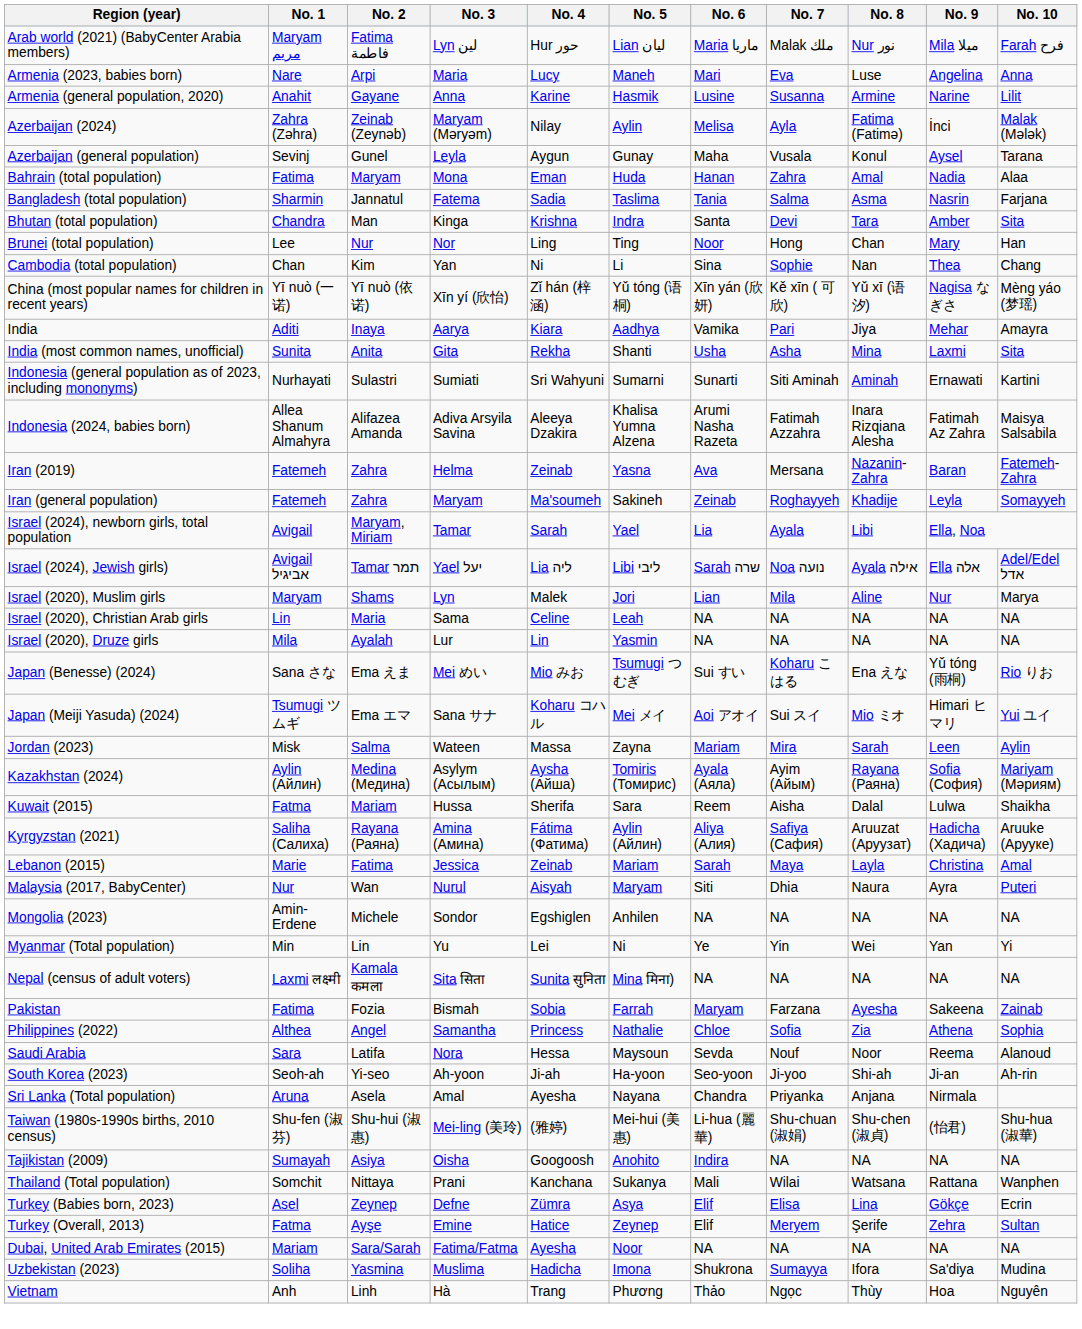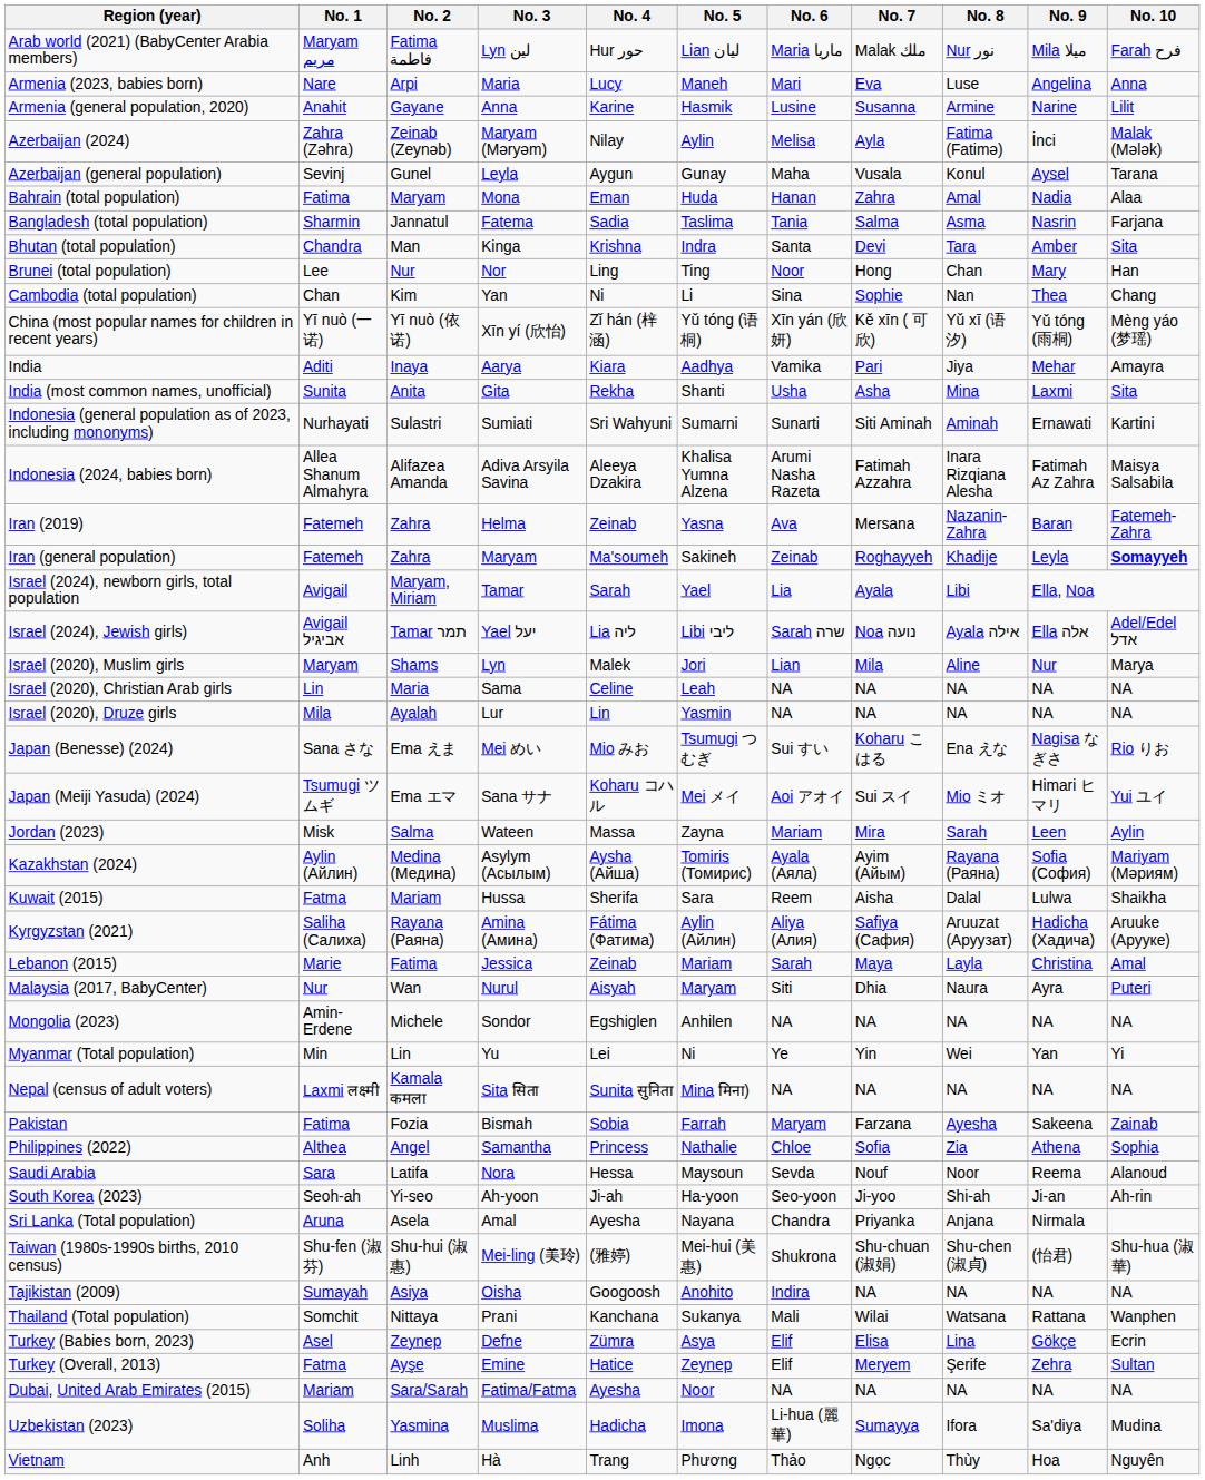 <table class="wikitable">
 <tr style="background:#a0d0ff;">
 <th width=300>Region (year)</th>
 <th>No. 1</th>
 <th>No. 2</th>
 <th>No. 3</th>
 <th>No. 4</th>
 <th>No. 5</th>
 <th>No. 6</th>
 <th>No. 7</th>
 <th>No. 8</th>
 <th>No. 9</th>
 <th>No. 10</th>
 </tr>
 <tr>
 <td><a href='#'>Arab world</a> (2021) (BabyCenter Arabia members)</td>
 <td><a href='#'>Maryam مريم</a></td>
 <td><a href='#'>Fatima</a> فاطمة</td>
 <td><a href='#'>Lyn</a> لين</td>
 <td>Hur حور</td>
 <td><a href='#'>Lian</a> ليان</td>
 <td><a href='#'>Maria</a> ماريا</td>
 <td>Malak ملك</td>
 <td><a href='#'>Nur</a> نور</td>
 <td><a href='#'>Mila</a> ميلا</td>
 <td><a href='#'>Farah</a> فرح</td>
 </tr>
 <tr>
 <td><a href='#'>Armenia</a> (2023, babies born)</td>
 <td><a href='#'>Nare</a></td>
 <td><a href='#'>Arpi</a></td>
 <td><a href='#'>Maria</a></td>
 <td><a href='#'>Lucy</a></td>
 <td><a href='#'>Maneh</a></td>
 <td><a href='#'>Mari</a></td>
 <td><a href='#'>Eva</a></td>
 <td>Luse</td>
 <td><a href='#'>Angelina</a></td>
 <td><a href='#'>Anna</a></td>
 </tr>
 <tr>
 <td><a href='#'>Armenia</a>  (general population, 2020)</td>
 <td><a href='#'>Anahit</a></td>
 <td><a href='#'>Gayane</a></td>
 <td><a href='#'>Anna</a></td>
 <td><a href='#'>Karine</a></td>
 <td><a href='#'>Hasmik</a></td>
 <td><a href='#'>Lusine</a></td>
 <td><a href='#'>Susanna</a></td>
 <td><a href='#'>Armine</a></td>
 <td><a href='#'>Narine</a></td>
 <td><a href='#'>Lilit</a></td>
 </tr>
 <tr>
 <td><a href='#'>Azerbaijan</a>  (2024)</td>
 <td><a href='#'>Zahra</a> (Zəhra)</td>
 <td><a href='#'>Zeinab</a> (Zeynəb)</td>
 <td><a href='#'>Maryam</a> (Məryəm)</td>
 <td>Nilay</td>
 <td><a href='#'>Aylin</a></td>
 <td><a href='#'>Melisa</a></td>
 <td><a href='#'>Ayla</a></td>
 <td><a href='#'>Fatima</a> (Fatimə)</td>
 <td>İnci</td>
 <td><a href='#'>Malak</a> (Mələk)</td>
 </tr>
 <tr>
 <td><a href='#'>Azerbaijan</a>  (general population)</td>
 <td>Sevinj</td>
 <td>Gunel</td>
 <td><a href='#'>Leyla</a></td>
 <td>Aygun</td>
 <td>Gunay</td>
 <td>Maha</td>
 <td>Vusala</td>
 <td>Konul</td>
 <td><a href='#'>Aysel</a></td>
 <td>Tarana</td>
 </tr>
 <tr>
 <td><a href='#'>Bahrain</a> (total population)</td>
 <td><a href='#'>Fatima</a></td>
 <td><a href='#'>Maryam</a></td>
 <td><a href='#'>Mona</a></td>
 <td><a href='#'>Eman</a></td>
 <td><a href='#'>Huda</a></td>
 <td><a href='#'>Hanan</a></td>
 <td><a href='#'>Zahra</a></td>
 <td><a href='#'>Amal</a></td>
 <td><a href='#'>Nadia</a></td>
 <td>Alaa</td>
 </tr>
 <tr>
 <td><a href='#'>Bangladesh</a> (total population)</td>
 <td><a href='#'>Sharmin</a></td>
 <td>Jannatul</td>
 <td><a href='#'>Fatema</a></td>
 <td><a href='#'>Sadia</a></td>
 <td><a href='#'>Taslima</a></td>
 <td><a href='#'>Tania</a></td>
 <td><a href='#'>Salma</a></td>
 <td><a href='#'>Asma</a></td>
 <td><a href='#'>Nasrin</a></td>
 <td>Farjana</td>
 </tr>
 <tr>
 <td><a href='#'>Bhutan</a> (total population)</td>
 <td><a href='#'>Chandra</a></td>
 <td>Man</td>
 <td>Kinga</td>
 <td><a href='#'>Krishna</a></td>
 <td><a href='#'>Indra</a></td>
 <td>Santa</td>
 <td><a href='#'>Devi</a></td>
 <td><a href='#'>Tara</a></td>
 <td><a href='#'>Amber</a></td>
 <td><a href='#'>Sita</a></td>
 </tr>
 <tr>
 <td><a href='#'>Brunei</a> (total population)</td>
 <td>Lee</td>
 <td><a href='#'>Nur</a></td>
 <td><a href='#'>Nor</a></td>
 <td>Ling</td>
 <td>Ting</td>
 <td><a href='#'>Noor</a></td>
 <td>Hong</td>
 <td>Chan</td>
 <td><a href='#'>Mary</a></td>
 <td>Han</td>
 </tr>
 <tr>
 <td><a href='#'>Cambodia</a> (total population)</td>
 <td>Chan</td>
 <td>Kim</td>
 <td>Yan</td>
 <td>Ni</td>
 <td>Li</td>
 <td>Sina</td>
 <td><a href='#'>Sophie</a></td>
 <td>Nan</td>
 <td><a href='#'>Thea</a></td>
 <td>Chang</td>
 </tr>
 <tr>
 <td>China (most popular names for children in recent years)</td>
 <td>Yī nuò (一诺)</td>
 <td>Yī nuò (依诺)</td>
 <td>Xīn yí (欣怡)</td>
 <td>Zǐ hán (梓涵)</td>
 <td>Yǔ tóng (语桐)</td>
 <td>Xīn yán (欣妍)</td>
 <td>Kě xīn ( 可欣)</td>
 <td>Yǔ xī (语汐)</td>
-<td><a href='#'>Nagisa</a> なぎさ</td>
+<td>Yǔ tóng (雨桐)</td>
 <td>Mèng yáo (梦瑶)</td>
 </tr>
 <tr>
 <td>India</td>
 <td><a href='#'>Aditi</a></td>
 <td><a href='#'>Inaya</a></td>
 <td><a href='#'>Aarya</a></td>
 <td><a href='#'>Kiara</a></td>
 <td><a href='#'>Aadhya</a></td>
 <td>Vamika</td>
 <td><a href='#'>Pari</a></td>
 <td>Jiya</td>
 <td><a href='#'>Mehar</a></td>
 <td>Amayra</td>
 </tr>
 <tr>
 <td><a href='#'>India</a> (most common names, unofficial)</td>
 <td><a href='#'>Sunita</a></td>
 <td><a href='#'>Anita</a></td>
 <td><a href='#'>Gita</a></td>
 <td><a href='#'>Rekha</a></td>
 <td>Shanti</td>
 <td><a href='#'>Usha</a></td>
 <td><a href='#'>Asha</a></td>
 <td><a href='#'>Mina</a></td>
 <td><a href='#'>Laxmi</a></td>
 <td><a href='#'>Sita</a></td>
 </tr>
 <tr>
 <td><a href='#'>Indonesia</a> (general population as of 2023, including <a href='#'>mononyms</a>)</td>
 <td>Nurhayati</td>
 <td>Sulastri</td>
 <td>Sumiati</td>
 <td>Sri Wahyuni</td>
 <td>Sumarni</td>
 <td>Sunarti</td>
 <td>Siti Aminah</td>
 <td><a href='#'>Aminah</a></td>
 <td>Ernawati</td>
 <td>Kartini</td>
 </tr>
 <tr>
 <td><a href='#'>Indonesia</a> (2024, babies born)</td>
 <td>Allea Shanum Almahyra</td>
 <td>Alifazea Amanda</td>
 <td>Adiva Arsyila Savina</td>
 <td>Aleeya Dzakira</td>
 <td>Khalisa Yumna Alzena</td>
 <td>Arumi Nasha Razeta</td>
 <td>Fatimah Azzahra</td>
 <td>Inara Rizqiana Alesha</td>
 <td>Fatimah Az Zahra</td>
 <td>Maisya Salsabila</td>
 </tr>
 <tr>
 <td><a href='#'>Iran</a> (2019)</td>
 <td><a href='#'>Fatemeh</a></td>
 <td><a href='#'>Zahra</a></td>
 <td><a href='#'>Helma</a></td>
 <td><a href='#'>Zeinab</a></td>
 <td><a href='#'>Yasna</a></td>
 <td><a href='#'>Ava</a></td>
 <td>Mersana</td>
 <td><a href='#'>Nazanin</a>-<a href='#'>Zahra</a></td>
 <td><a href='#'>Baran</a></td>
 <td><a href='#'>Fatemeh</a>-<a href='#'>Zahra</a></td>
 </tr>
 <tr>
 <td><a href='#'>Iran</a> (general population)</td>
 <td><a href='#'>Fatemeh</a></td>
 <td><a href='#'>Zahra</a></td>
 <td><a href='#'>Maryam</a></td>
 <td><a href='#'>Ma'soumeh</a></td>
 <td>Sakineh</td>
 <td><a href='#'>Zeinab</a></td>
 <td><a href='#'>Roghayyeh</a></td>
 <td><a href='#'>Khadije</a></td>
 <td><a href='#'>Leyla</a></td>
-<td><a href='#'>Somayyeh</a></td>
+<td><strong><a href='#'>Somayyeh</a></strong></td>
 </tr>
 <tr>
 <td><a href='#'>Israel</a> (2024), newborn girls, total population</td>
 <td><a href='#'>Avigail</a></td>
 <td><a href='#'>Maryam</a>, <a href='#'>Miriam</a></td>
 <td><a href='#'>Tamar</a></td>
 <td><a href='#'>Sarah</a></td>
 <td><a href='#'>Yael</a></td>
 <td><a href='#'>Lia</a></td>
 <td><a href='#'>Ayala</a></td>
 <td><a href='#'>Libi</a></td>
 <td colspan=2><a href='#'>Ella</a>, <a href='#'>Noa</a></td>
 </tr>
 <tr>
 <td><a href='#'>Israel</a> (2024), <a href='#'>Jewish</a> girls)</td>
 <td><a href='#'>Avigail</a> אביגיל</td>
 <td><a href='#'>Tamar</a> תמר</td>
 <td><a href='#'>Yael</a> יעל</td>
 <td><a href='#'>Lia</a> ליה</td>
 <td><a href='#'>Libi</a> ליבי</td>
 <td><a href='#'>Sarah</a> שרה</td>
 <td><a href='#'>Noa</a> נועה</td>
 <td><a href='#'>Ayala</a> אילה</td>
 <td><a href='#'>Ella</a> אלה</td>
 <td><a href='#'>Adel/Edel</a> אדל</td>
 </tr>
 <tr>
 <td><a href='#'>Israel</a> (2020),  Muslim girls</td>
 <td><a href='#'>Maryam</a></td>
 <td><a href='#'>Shams</a></td>
 <td><a href='#'>Lyn</a></td>
 <td>Malek</td>
 <td><a href='#'>Jori</a></td>
 <td><a href='#'>Lian</a></td>
 <td><a href='#'>Mila</a></td>
 <td><a href='#'>Aline</a></td>
 <td><a href='#'>Nur</a></td>
 <td>Marya</td>
 </tr>
 <tr>
 <td><a href='#'>Israel</a> (2020), Christian Arab girls</td>
 <td><a href='#'>Lin</a></td>
 <td><a href='#'>Maria</a></td>
 <td>Sama</td>
 <td><a href='#'>Celine</a></td>
 <td><a href='#'>Leah</a></td>
 <td>NA</td>
 <td>NA</td>
 <td>NA</td>
 <td>NA</td>
 <td>NA</td>
 </tr>
 <tr>
 <td><a href='#'>Israel</a> (2020), <a href='#'>Druze</a> girls</td>
 <td><a href='#'>Mila</a></td>
 <td><a href='#'>Ayalah</a></td>
 <td>Lur</td>
 <td><a href='#'>Lin</a></td>
 <td><a href='#'>Yasmin</a></td>
 <td>NA</td>
 <td>NA</td>
 <td>NA</td>
 <td>NA</td>
 <td>NA</td>
 </tr>
 <tr>
 <td><a href='#'>Japan</a> (Benesse) (2024)</td>
 <td>Sana さな</td>
 <td>Ema えま</td>
 <td><a href='#'>Mei</a> めい</td>
 <td><a href='#'>Mio</a> みお</td>
 <td><a href='#'>Tsumugi</a> つむぎ</td>
 <td>Sui すい</td>
 <td><a href='#'>Koharu</a> こはる</td>
 <td>Ena えな</td>
-<td>Yǔ tóng (雨桐)</td>
+<td><a href='#'>Nagisa</a> なぎさ</td>
 <td><a href='#'>Rio</a> りお</td>
 </tr>
 <tr>
 <td><a href='#'>Japan</a> (Meiji Yasuda) (2024)</td>
 <td><a href='#'>Tsumugi</a> ツムギ</td>
 <td>Ema エマ</td>
 <td>Sana サナ</td>
 <td><a href='#'>Koharu</a> コハル</td>
 <td><a href='#'>Mei</a> メイ</td>
 <td><a href='#'>Aoi</a> アオイ</td>
 <td>Sui スイ</td>
 <td><a href='#'>Mio</a> ミオ</td>
 <td>Himari ヒマリ</td>
 <td><a href='#'>Yui</a> ユイ</td>
 </tr>
 <tr>
 <td><a href='#'>Jordan</a>  (2023)</td>
 <td>Misk</td>
 <td><a href='#'>Salma</a></td>
 <td>Wateen</td>
 <td>Massa</td>
 <td>Zayna</td>
 <td><a href='#'>Mariam</a></td>
 <td><a href='#'>Mira</a></td>
 <td><a href='#'>Sarah</a></td>
 <td><a href='#'>Leen</a></td>
 <td><a href='#'>Aylin</a></td>
 </tr>
 <tr>
 <td><a href='#'>Kazakhstan</a> (2024)</td>
 <td><a href='#'>Aylin</a> (Айлин)</td>
 <td><a href='#'>Medina</a> (Медина)</td>
 <td>Asylym (Асылым)</td>
 <td><a href='#'>Aysha</a> (Айша)</td>
 <td><a href='#'>Tomiris</a> (Томирис)</td>
 <td><a href='#'>Ayala</a> (Аяла)</td>
 <td>Ayim (Айым)</td>
 <td><a href='#'>Rayana</a> (Раяна)</td>
 <td><a href='#'>Sofia</a> (София)</td>
 <td><a href='#'>Mariyam</a> (Мәриям)</td>
 </tr>
 <tr>
 <td><a href='#'>Kuwait</a> (2015)</td>
 <td><a href='#'>Fatma</a></td>
 <td><a href='#'>Mariam</a></td>
 <td>Hussa</td>
 <td>Sherifa</td>
 <td>Sara</td>
 <td>Reem</td>
 <td>Aisha</td>
 <td>Dalal</td>
 <td>Lulwa</td>
 <td>Shaikha</td>
 </tr>
 <tr>
 <td><a href='#'>Kyrgyzstan</a> (2021)</td>
 <td><a href='#'>Saliha</a> (Салиха)</td>
 <td><a href='#'>Rayana</a> (Раяна)</td>
 <td><a href='#'>Amina</a> (Амина)</td>
 <td><a href='#'>Fátima</a> (Фатима)</td>
 <td><a href='#'>Aylin</a> (Айлин)</td>
 <td><a href='#'>Aliya</a> (Алия)</td>
 <td><a href='#'>Safiya</a> (Сафия)</td>
 <td>Aruuzat (Аруузат)</td>
 <td><a href='#'>Hadicha</a> (Хадича)</td>
 <td>Aruuke (Арууке)</td>
 </tr>
 <tr>
 <td><a href='#'>Lebanon</a> (2015)</td>
 <td><a href='#'>Marie</a></td>
 <td><a href='#'>Fatima</a></td>
 <td><a href='#'>Jessica</a></td>
 <td><a href='#'>Zeinab</a></td>
 <td><a href='#'>Mariam</a></td>
 <td><a href='#'>Sarah</a></td>
 <td><a href='#'>Maya</a></td>
 <td><a href='#'>Layla</a></td>
 <td><a href='#'>Christina</a></td>
 <td><a href='#'>Amal</a></td>
 </tr>
 <tr>
 <td><a href='#'>Malaysia</a> (2017, BabyCenter)</td>
 <td><a href='#'>Nur</a></td>
 <td>Wan</td>
 <td><a href='#'>Nurul</a></td>
 <td><a href='#'>Aisyah</a></td>
 <td><a href='#'>Maryam</a></td>
 <td>Siti</td>
 <td>Dhia</td>
 <td>Naura</td>
 <td>Ayra</td>
 <td><a href='#'>Puteri</a></td>
 </tr>
 <tr>
 <td><a href='#'>Mongolia</a> (2023)</td>
 <td>Amin-Erdene</td>
 <td>Michele</td>
 <td>Sondor</td>
 <td>Egshiglen</td>
 <td>Anhilen</td>
 <td>NA</td>
 <td>NA</td>
 <td>NA</td>
 <td>NA</td>
 <td>NA</td>
 </tr>
 <tr>
 <td><a href='#'>Myanmar</a> (Total population)</td>
 <td>Min</td>
 <td>Lin</td>
 <td>Yu</td>
 <td>Lei</td>
 <td>Ni</td>
 <td>Ye</td>
 <td>Yin</td>
 <td>Wei</td>
 <td>Yan</td>
 <td>Yi</td>
 </tr>
 <tr>
 <td><a href='#'>Nepal</a> (census of adult voters)</td>
 <td><a href='#'>Laxmi</a> लक्ष्मी</td>
 <td><a href='#'>Kamala</a> कमला</td>
 <td><a href='#'>Sita</a>  सिता</td>
 <td><a href='#'>Sunita</a> सुनिता</td>
 <td><a href='#'>Mina</a> मिना)</td>
 <td>NA</td>
 <td>NA</td>
 <td>NA</td>
 <td>NA</td>
 <td>NA</td>
 </tr>
 <tr>
 <td><a href='#'>Pakistan</a></td>
 <td><a href='#'>Fatima</a></td>
 <td>Fozia</td>
 <td>Bismah</td>
 <td><a href='#'>Sobia</a></td>
 <td><a href='#'>Farrah</a></td>
 <td><a href='#'>Maryam</a></td>
 <td>Farzana</td>
 <td><a href='#'>Ayesha</a></td>
 <td>Sakeena</td>
 <td><a href='#'>Zainab</a></td>
 </tr>
 <tr>
 <td><a href='#'>Philippines</a> (2022)</td>
 <td><a href='#'>Althea</a></td>
 <td><a href='#'>Angel</a></td>
 <td><a href='#'>Samantha</a></td>
 <td><a href='#'>Princess</a></td>
 <td><a href='#'>Nathalie</a></td>
 <td><a href='#'>Chloe</a></td>
 <td><a href='#'>Sofia</a></td>
 <td><a href='#'>Zia</a></td>
 <td><a href='#'>Athena</a></td>
 <td><a href='#'>Sophia</a></td>
 </tr>
 <tr>
 <td><a href='#'>Saudi Arabia</a></td>
 <td><a href='#'>Sara</a></td>
 <td>Latifa</td>
 <td><a href='#'>Nora</a></td>
 <td>Hessa</td>
 <td>Maysoun</td>
 <td>Sevda</td>
 <td>Nouf</td>
 <td>Noor</td>
 <td>Reema</td>
 <td>Alanoud</td>
 </tr>
 <tr>
 <td><a href='#'>South Korea</a> (2023)</td>
 <td>Seoh-ah</td>
 <td>Yi-seo</td>
 <td>Ah-yoon</td>
 <td>Ji-ah</td>
 <td>Ha-yoon</td>
 <td>Seo-yoon</td>
 <td>Ji-yoo</td>
 <td>Shi-ah</td>
 <td>Ji-an</td>
 <td>Ah-rin</td>
 </tr>
 <tr>
 <td><a href='#'>Sri Lanka</a> (Total population)</td>
 <td><a href='#'>Aruna</a></td>
 <td>Asela</td>
 <td>Amal</td>
 <td>Ayesha</td>
 <td>Nayana</td>
 <td>Chandra</td>
 <td>Priyanka</td>
 <td>Anjana</td>
 <td>Nirmala</td>
 </tr>
 <tr>
 <td><a href='#'>Taiwan</a> (1980s-1990s births, 2010 census)</td>
 <td>Shu-fen (淑芬)</td>
 <td>Shu-hui (淑惠)</td>
 <td><a href='#'>Mei-ling</a> (美玲)</td>
 <td> (雅婷)</td>
 <td>Mei-hui (美惠)</td>
-<td>Li-hua (麗華)</td>
+<td>Shukrona</td>
 <td>Shu-chuan (淑娟)</td>
 <td>Shu-chen (淑貞)</td>
 <td> (怡君)</td>
 <td>Shu-hua (淑華)</td>
 </tr>
 <tr>
 <td><a href='#'>Tajikistan</a>  (2009)</td>
 <td><a href='#'>Sumayah</a></td>
 <td><a href='#'>Asiya</a></td>
 <td><a href='#'>Oisha</a></td>
 <td>Googoosh</td>
 <td><a href='#'>Anohito</a></td>
 <td><a href='#'>Indira</a></td>
 <td>NA</td>
 <td>NA</td>
 <td>NA</td>
 <td>NA</td>
 </tr>
 <tr>
 <td><a href='#'>Thailand</a> (Total population)</td>
 <td>Somchit</td>
 <td>Nittaya</td>
 <td>Prani</td>
 <td>Kanchana</td>
 <td>Sukanya</td>
 <td>Mali</td>
 <td>Wilai</td>
 <td>Watsana</td>
 <td>Rattana</td>
 <td>Wanphen</td>
 </tr>
 <tr>
 <td><a href='#'>Turkey</a> (Babies born, 2023)</td>
 <td><a href='#'>Asel</a></td>
 <td><a href='#'>Zeynep</a></td>
 <td><a href='#'>Defne</a></td>
 <td><a href='#'>Zümra</a></td>
 <td><a href='#'>Asya</a></td>
 <td><a href='#'>Elif</a></td>
 <td><a href='#'>Elisa</a></td>
 <td><a href='#'>Lina</a></td>
 <td><a href='#'>Gökçe</a></td>
 <td>Ecrin</td>
 </tr>
 <tr>
 <td><a href='#'>Turkey</a> (Overall, 2013)</td>
 <td><a href='#'>Fatma</a></td>
 <td><a href='#'>Ayşe</a></td>
 <td><a href='#'>Emine</a></td>
 <td><a href='#'>Hatice</a></td>
 <td><a href='#'>Zeynep</a></td>
 <td>Elif</td>
 <td><a href='#'>Meryem</a></td>
 <td>Şerife</td>
 <td><a href='#'>Zehra</a></td>
 <td><a href='#'>Sultan</a></td>
 </tr>
 <tr>
 <td><a href='#'>Dubai</a>, <a href='#'>United Arab Emirates</a> (2015)</td>
 <td><a href='#'>Mariam</a></td>
 <td><a href='#'>Sara/Sarah</a></td>
 <td><a href='#'>Fatima/Fatma</a></td>
 <td><a href='#'>Ayesha</a></td>
 <td><a href='#'>Noor</a></td>
 <td>NA</td>
 <td>NA</td>
 <td>NA</td>
 <td>NA</td>
 <td>NA</td>
 </tr>
 <tr>
 <td><a href='#'>Uzbekistan</a> (2023)</td>
 <td><a href='#'>Soliha</a></td>
 <td><a href='#'>Yasmina</a></td>
 <td><a href='#'>Muslima</a></td>
 <td><a href='#'>Hadicha</a></td>
 <td><a href='#'>Imona</a></td>
-<td>Shukrona</td>
+<td>Li-hua (麗華)</td>
 <td><a href='#'>Sumayya</a></td>
 <td>Ifora</td>
 <td>Sa'diya</td>
 <td>Mudina</td>
 </tr>
 <tr>
 <td><a href='#'>Vietnam</a></td>
 <td>Anh</td>
 <td>Linh</td>
 <td>Hà</td>
 <td>Trang</td>
 <td>Phương</td>
 <td>Thảo</td>
 <td>Ngọc</td>
 <td>Thùy</td>
 <td>Hoa</td>
 <td>Nguyên</td>
 </tr>
 </table>
